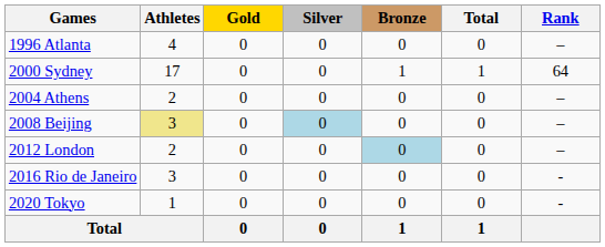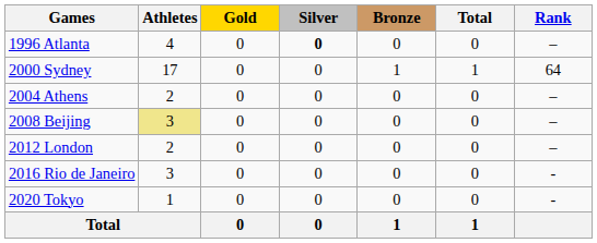 <table class="wikitable" style="text-align:center; font-size:90%;">
 <tr>
 <th>Games</th>
 <th>Athletes</th>
 <td style="background:gold; width:4.5em; font-weight:bold;">Gold</td>
 <td style="background:silver; width:4.5em; font-weight:bold;">Silver</td>
 <td style="background:#cc9966; width:4.5em; font-weight:bold;">Bronze</td>
 <th style="width:4.5em; font-weight:bold;">Total</th>
 <th style="width:4.5em; font-weight:bold;"><a href='#'>Rank</a></th>
 </tr>
 <tr>
 <td align=left><a href='#'>1996 Atlanta</a></td>
 <td>4</td>
 <td>0</td>
-<td>0</td>
+<td><strong>0</strong></td>
 <td>0</td>
 <td>0</td>
 <td>–</td>
 </tr>
 <tr>
 <td align=left><a href='#'>2000 Sydney</a></td>
 <td>17</td>
 <td>0</td>
 <td>0</td>
 <td>1</td>
 <td>1</td>
 <td>64</td>
 </tr>
 <tr>
 <td align=left><a href='#'>2004 Athens</a></td>
 <td>2</td>
 <td>0</td>
 <td>0</td>
 <td>0</td>
 <td>0</td>
 <td>–</td>
 </tr>
 <tr>
 <td align=left><a href='#'>2008 Beijing</a></td>
 <td style="background: khaki;">3</td>
 <td>0</td>
-<td style="background: lightblue;">0</td>
+<td>0</td>
 <td>0</td>
 <td>0</td>
 <td>–</td>
 </tr>
 <tr>
 <td align=left><a href='#'>2012 London</a></td>
 <td>2</td>
 <td>0</td>
 <td>0</td>
-<td style="background: lightblue;">0</td>
+<td>0</td>
 <td>0</td>
 <td>–</td>
 </tr>
 <tr>
 <td align=left><a href='#'>2016 Rio de Janeiro</a></td>
 <td>3</td>
 <td>0</td>
 <td>0</td>
 <td>0</td>
 <td>0</td>
 <td>-</td>
 </tr>
 <tr>
 <td align=left><a href='#'>2020 Tokyo</a></td>
 <td>1</td>
 <td>0</td>
 <td>0</td>
 <td>0</td>
 <td>0</td>
 <td>-</td>
 </tr>
 <tr>
 <th colspan=2>Total</th>
 <th>0</th>
 <th>0</th>
 <th>1</th>
 <th>1</th>
 <th></th>
 </tr>
 </table>
